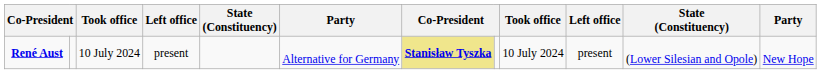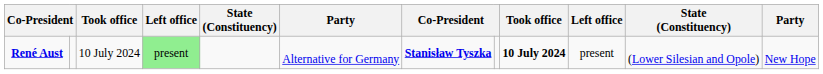 <table class="wikitable" style="text-align:center">
 <tr>
 <th colspan=2>Co-President</th>
 <th>Took office</th>
 <th>Left office</th>
 <th>State<br>(Constituency)</th>
 <th>Party</th>
 <th colspan=2>Co-President</th>
 <th>Took office</th>
 <th>Left office</th>
 <th>State<br>(Constituency)</th>
 <th>Party</th>
 </tr>
 <tr>
 <td><strong><a href='#'>René Aust</a></strong></td>
 <td></td>
 <td>10 July 2024</td>
-<td>present</td>
+<td style="background: lightgreen;">present</td>
 <td></td>
 <td><br><a href='#'>Alternative for Germany</a></td>
-<td style="background: khaki;"><strong><a href='#'>Stanisław Tyszka</a></strong></td>
+<td><strong><a href='#'>Stanisław Tyszka</a></strong></td>
 <td></td>
-<td>10 July 2024</td>
+<td><strong>10 July 2024</strong></td>
 <td>present</td>
 <td><br>(<a href='#'>Lower Silesian and Opole</a>)</td>
 <td><br><a href='#'>New Hope</a></td>
 </tr>
 </table>
